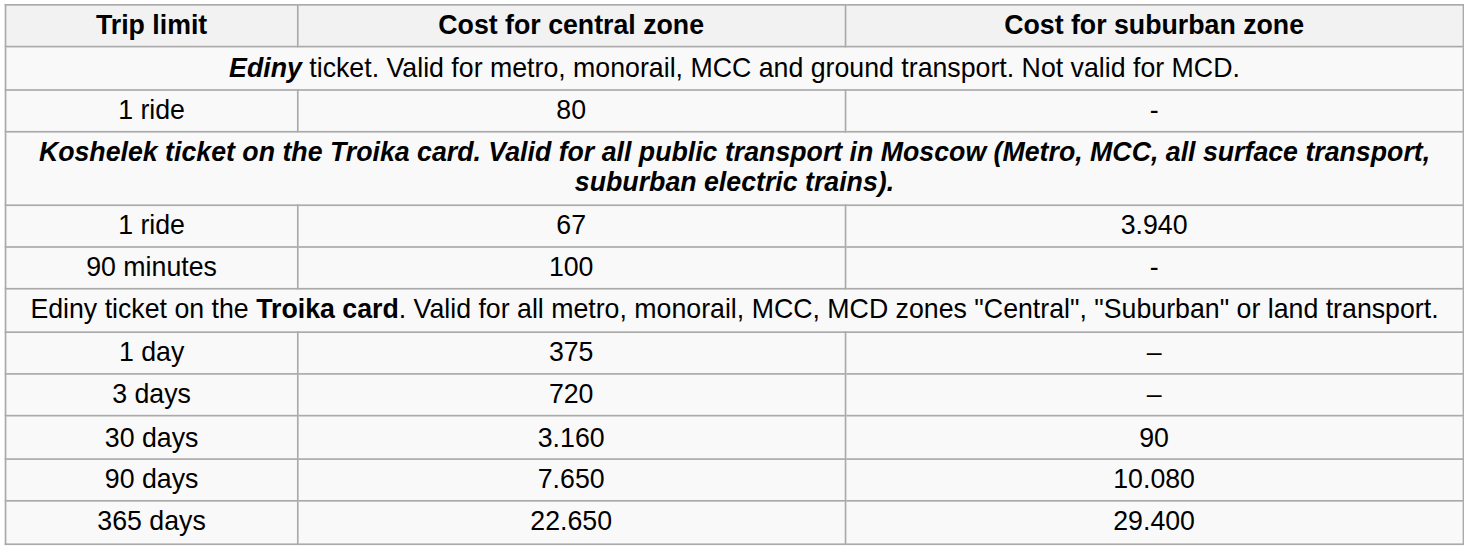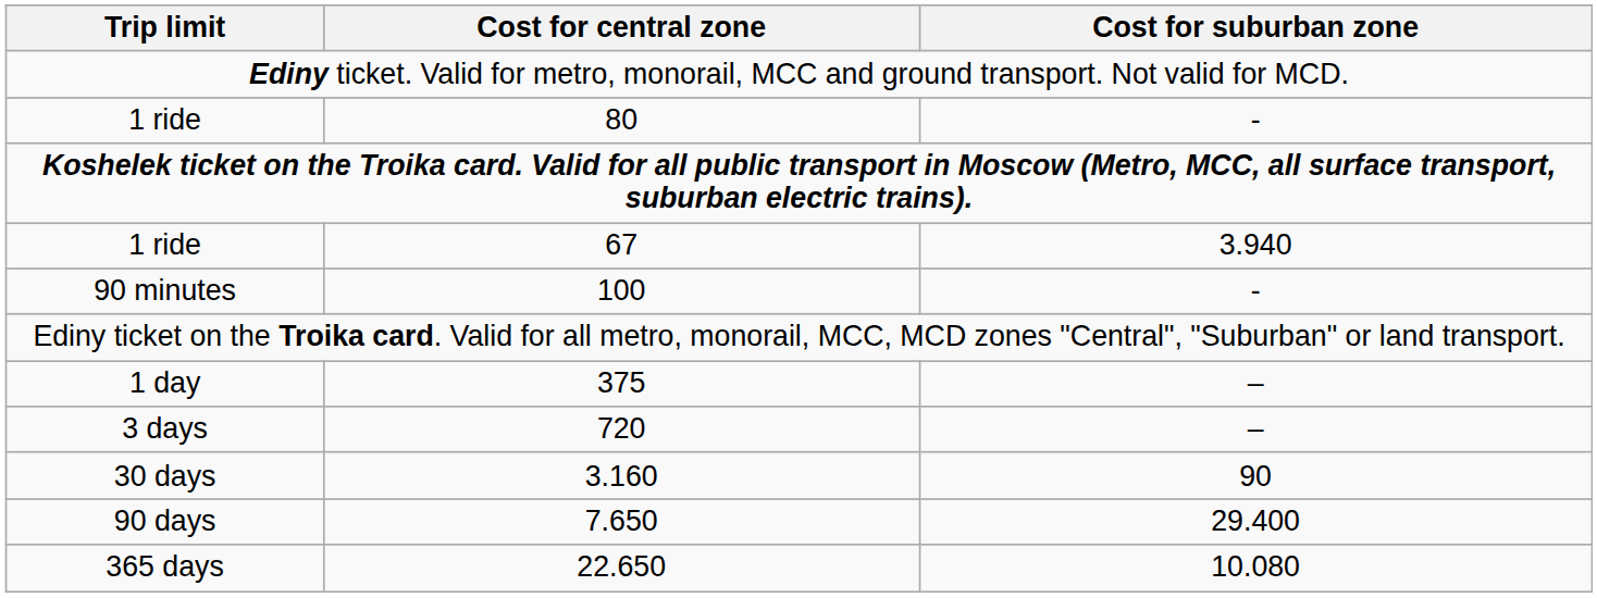 <table class=wikitable style="margin:0 0 10px 10px; text-align:center">
 <tr>
 <th>Trip limit</th>
 <th>Cost for central zone</th>
 <th>Cost for suburban zone</th>
 </tr>
 <tr>
 <td colspan="3"><strong><em>Ediny</em></strong> ticket. Valid for metro, monorail, MCC and ground transport. Not valid for MCD.</td>
 </tr>
 <tr>
 <td>1 ride</td>
 <td>80</td>
 <td>-</td>
 </tr>
 <tr>
 <td colspan="3" style="text-align:center;"><strong><em>Koshelek<em> ticket<strong> on the </strong>Troika card<strong>. Valid for all public transport in Moscow (Metro, MCC, all surface transport, suburban electric trains).</td>
 </tr>
 <tr>
 <td>1 ride</td>
 <td>67</td>
 <td>3.940</td>
 </tr>
 <tr>
 <td>90 minutes</td>
 <td>100</td>
 <td>-</td>
 </tr>
 <tr>
 <td colspan="3" style="text-align:center;"></em></strong>Ediny</em> ticket</strong> on the <strong>Troika card</strong>. Valid for all metro, monorail, MCC, MCD zones "Central", "Suburban" or land transport.</td>
 </tr>
 <tr>
 <td>1 day</td>
 <td>375</td>
 <td>–</td>
 </tr>
 <tr>
 <td>3 days</td>
 <td>720</td>
 <td>–</td>
 </tr>
 <tr>
 <td>30 days</td>
 <td>3.160</td>
 <td>90</td>
 </tr>
 <tr>
 <td>90 days</td>
 <td>7.650</td>
-<td>10.080</td>
+<td>29.400</td>
 </tr>
 <tr>
 <td>365 days</td>
 <td>22.650</td>
-<td>29.400</td>
+<td>10.080</td>
 </tr>
 </table>
